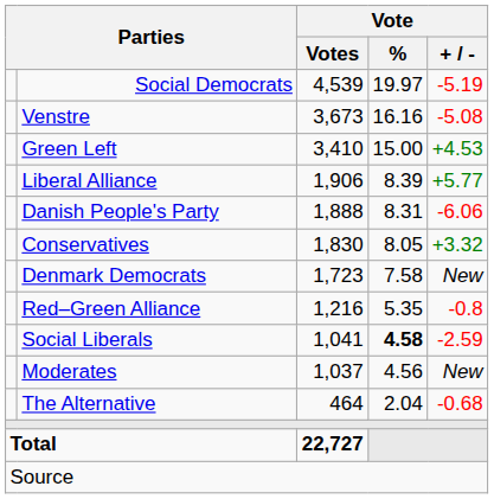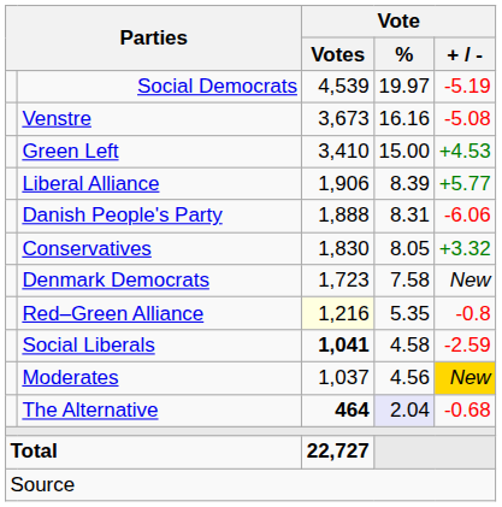 <table class="wikitable" style="text-align:right;">
 <tr>
 <th style="text-align:centre;" rowspan="2" colspan="2" width="225">Parties</th>
 <th colspan="3">Vote</th>
 </tr>
 <tr>
 <th width="15">Votes</th>
 <th width="15">%</th>
 <th width="15">+ / -</th>
 </tr>
 <tr>
 <td width=2 bgcolor=></td>
 <td><a href='#'>Social Democrats</a></td>
 <td>4,539</td>
 <td>19.97</td>
 <td style=color:red;>-5.19</td>
 </tr>
 <tr>
 <td width=2 bgcolor=></td>
 <td align=left><a href='#'>Venstre</a></td>
 <td>3,673</td>
 <td>16.16</td>
 <td style=color:red;>-5.08</td>
 </tr>
 <tr>
 <td width=2 bgcolor=></td>
 <td align=left><a href='#'>Green Left</a></td>
 <td>3,410</td>
 <td>15.00</td>
 <td style=color:green;>+4.53</td>
 </tr>
 <tr>
 <td width=2 bgcolor=></td>
 <td align=left><a href='#'>Liberal Alliance</a></td>
 <td>1,906</td>
 <td>8.39</td>
 <td style=color:green;>+5.77</td>
 </tr>
 <tr>
 <td width=2 bgcolor=></td>
 <td align=left><a href='#'>Danish People's Party</a></td>
 <td>1,888</td>
 <td>8.31</td>
 <td style=color:red;>-6.06</td>
 </tr>
 <tr>
 <td width=2 bgcolor=></td>
 <td align=left><a href='#'>Conservatives</a></td>
 <td>1,830</td>
 <td>8.05</td>
 <td style=color:green;>+3.32</td>
 </tr>
 <tr>
 <td width=2 bgcolor=></td>
 <td align=left><a href='#'>Denmark Democrats</a></td>
 <td>1,723</td>
 <td>7.58</td>
 <td><em>New</em></td>
 </tr>
 <tr>
 <td width=2 bgcolor=></td>
 <td align=left><a href='#'>Red–Green Alliance</a></td>
-<td>1,216</td>
+<td style="background: lightyellow;">1,216</td>
 <td>5.35</td>
 <td style=color:red;>-0.8</td>
 </tr>
 <tr>
 <td width=2 bgcolor=></td>
 <td align=left><a href='#'>Social Liberals</a></td>
-<td>1,041</td>
-<td><strong>4.58</strong></td>
+<td><strong>1,041</strong></td>
+<td>4.58</td>
 <td style=color:red;>-2.59</td>
 </tr>
 <tr>
 <td width=2 bgcolor=></td>
 <td align=left><a href='#'>Moderates</a></td>
 <td>1,037</td>
 <td>4.56</td>
-<td><em>New</em></td>
+<td style="background: gold;"><em>New</em></td>
 </tr>
 <tr>
 <td width=2 bgcolor=></td>
 <td align=left><a href='#'>The Alternative</a></td>
-<td>464</td>
-<td>2.04</td>
+<td><strong>464</strong></td>
+<td style="background: lavender;">2.04</td>
 <td style=color:red;>-0.68</td>
 </tr>
 <tr>
 <td colspan="7" bgcolor="#E9E9E9"></td>
 </tr>
 <tr>
 <td align="left" colspan="2"><strong>Total</strong></td>
 <td><strong>22,727</strong></td>
 <td bgcolor=#E9E9E9 colspan=2></td>
 </tr>
 <tr>
 <td align="left" colspan="6">Source</td>
 </tr>
 </table>
